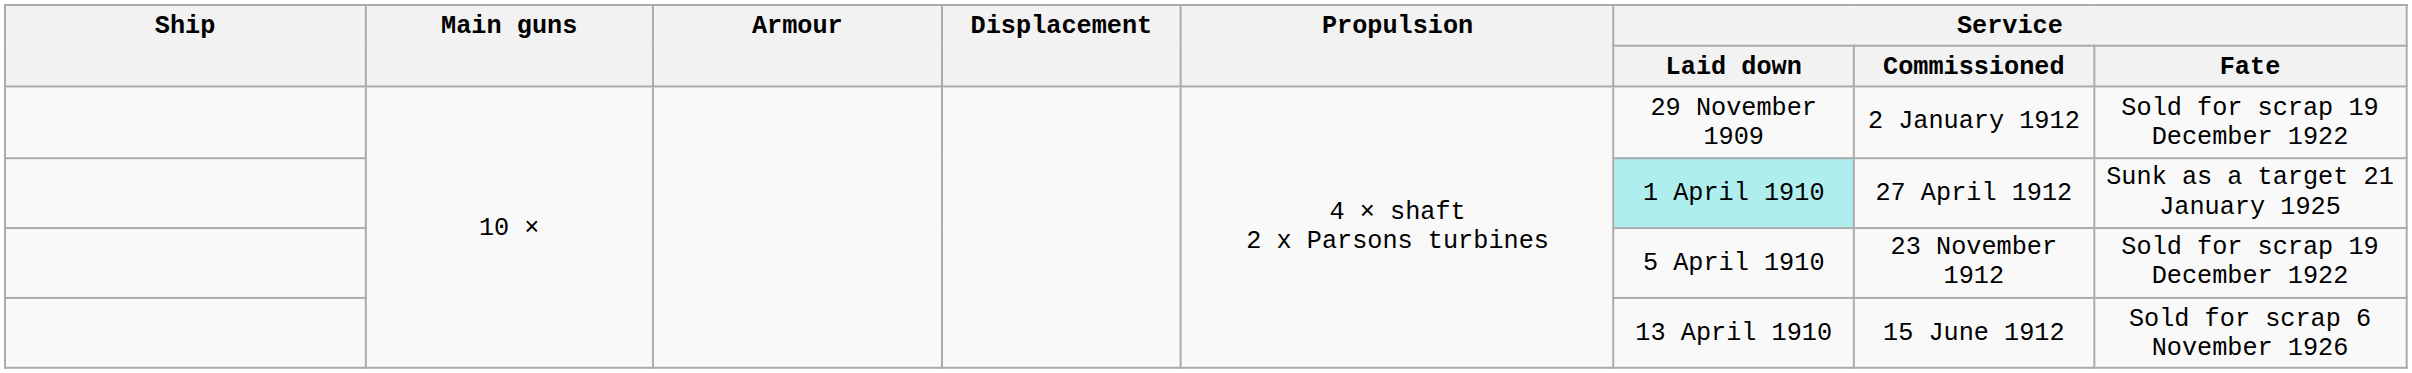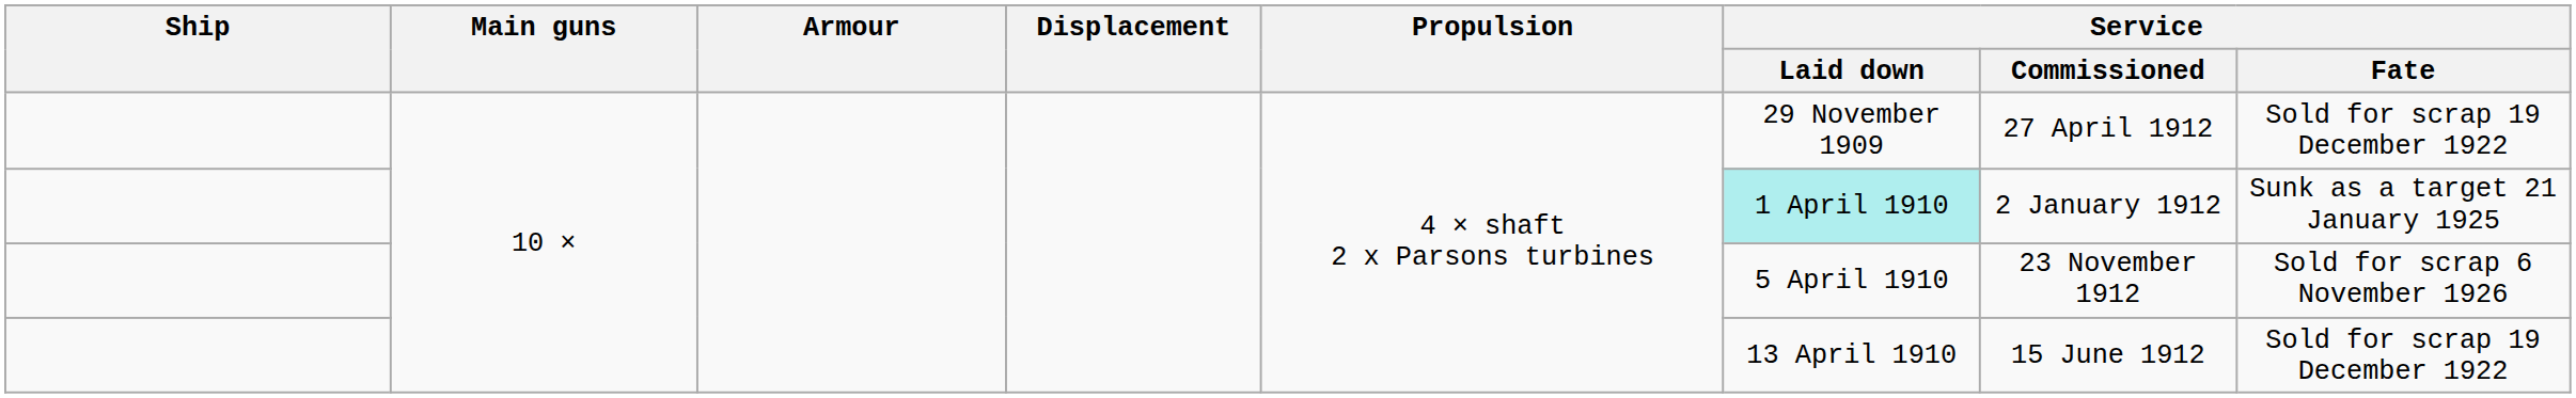 <table class="wikitable" style="width:98%;">
 <tr valign="top"|- valign="top">
 <th style="width:15%; text-align:center;" rowspan="2">Ship</th>
 <th style="width:12%; text-align:center;" rowspan="2">Main guns</th>
 <th style="width:12%; text-align:center;" rowspan="2">Armour</th>
 <th style="width:10%; text-align:center;" rowspan="2">Displacement</th>
 <th style="width:18%; text-align:center;" rowspan="2">Propulsion</th>
 <th style="width:40%; text-align:center;" colspan="3">Service</th>
 </tr>
 <tr valign="top">
 <th style="width:10%; text-align:center;">Laid down</th>
 <th style="width:10%; text-align:center;">Commissioned</th>
 <th style="width:20%; text-align:center;">Fate</th>
 </tr>
 <tr valign="center">
 <td align= center></td>
 <td style="text-align:center;" rowspan=4>10 × </td>
 <td style="text-align:center;" rowspan=4></td>
 <td style="text-align:center;" rowspan=4></td>
 <td align= center rowspan=4>4 × shaft<br>2 x Parsons turbines<br></td>
 <td style="text-align:center;">29 November 1909</td>
-<td style="text-align:center;">2 January 1912</td>
+<td style="text-align:center;">27 April 1912</td>
 <td align= center>Sold for scrap 19 December 1922</td>
 </tr>
 <tr valign="center">
 <td align= center></td>
 <td style="background: paleturquoise; text-align:center;">1 April 1910</td>
-<td style="text-align:center;">27 April 1912</td>
+<td style="text-align:center;">2 January 1912</td>
 <td align= center>Sunk as a target 21 January 1925</td>
 </tr>
 <tr valign="center">
 <td align= center></td>
 <td style="text-align:center;">5 April 1910</td>
 <td style="text-align:center;">23 November 1912</td>
-<td align= center>Sold for scrap 19 December 1922</td>
+<td align= center>Sold for scrap 6 November 1926</td>
 </tr>
 <tr valign="center">
 <td align= center></td>
 <td style="text-align:center;">13 April 1910</td>
 <td style="text-align:center;">15 June 1912</td>
-<td align= center>Sold for scrap 6 November 1926</td>
+<td align= center>Sold for scrap 19 December 1922</td>
 </tr>
 </table>
